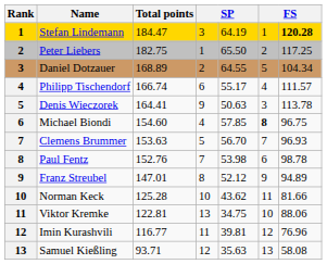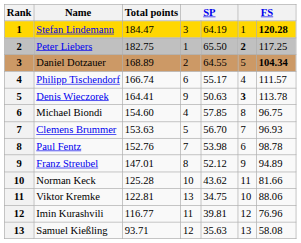 <table class="wikitable sortable">
 <tr>
 <th>Rank</th>
 <th>Name</th>
 <th>Total points</th>
 <th colspan="2" width="80px"><a href='#'>SP</a></th>
 <th colspan="2" width="80px"><a href='#'>FS</a></th>
 </tr>
 <tr bgcolor="gold">
 <td align="center"><strong>1</strong></td>
 <td><a href='#'>Stefan Lindemann</a></td>
 <td>184.47</td>
 <td>3</td>
 <td>64.19</td>
 <td>1</td>
 <td><strong>120.28</strong></td>
 </tr>
 <tr bgcolor="silver">
 <td align="center"><strong>2</strong></td>
 <td><a href='#'>Peter Liebers</a></td>
 <td>182.75</td>
 <td>1</td>
 <td>65.50</td>
-<td>2</td>
+<td><strong>2</strong></td>
 <td>117.25</td>
 </tr>
 <tr bgcolor="cc9966">
 <td align="center"><strong>3</strong></td>
 <td>Daniel Dotzauer</td>
 <td>168.89</td>
 <td>2</td>
 <td>64.55</td>
 <td>5</td>
-<td>104.34</td>
+<td><strong>104.34</strong></td>
 </tr>
 <tr>
 <th>4</th>
 <td><a href='#'>Philipp Tischendorf</a></td>
 <td>166.74</td>
 <td>6</td>
 <td>55.17</td>
 <td>4</td>
 <td>111.57</td>
 </tr>
 <tr>
 <th>5</th>
 <td><a href='#'>Denis Wieczorek</a></td>
 <td>164.41</td>
 <td>9</td>
 <td>50.63</td>
-<td>3</td>
+<td><strong>3</strong></td>
 <td>113.78</td>
 </tr>
 <tr>
 <th>6</th>
 <td>Michael Biondi</td>
 <td>154.60</td>
 <td>4</td>
 <td>57.85</td>
-<td><strong>8</strong></td>
+<td>8</td>
 <td>96.75</td>
 </tr>
 <tr>
 <th>7</th>
 <td><a href='#'>Clemens Brummer</a></td>
 <td>153.63</td>
 <td>5</td>
 <td>56.70</td>
 <td>7</td>
 <td>96.93</td>
 </tr>
 <tr>
 <th>8</th>
 <td><a href='#'>Paul Fentz</a></td>
 <td>152.76</td>
 <td>7</td>
 <td>53.98</td>
 <td>6</td>
 <td>98.78</td>
 </tr>
 <tr>
 <th>9</th>
 <td><a href='#'>Franz Streubel</a></td>
 <td>147.01</td>
 <td>8</td>
 <td>52.12</td>
 <td>9</td>
 <td>94.89</td>
 </tr>
 <tr>
 <th>10</th>
 <td>Norman Keck</td>
 <td>125.28</td>
 <td>10</td>
 <td>43.62</td>
 <td>11</td>
 <td>81.66</td>
 </tr>
 <tr>
 <th>11</th>
 <td>Viktor Kremke</td>
 <td>122.81</td>
 <td>13</td>
 <td>34.75</td>
 <td>10</td>
 <td>88.06</td>
 </tr>
 <tr>
 <th>12</th>
 <td>Imin Kurashvili</td>
 <td>116.77</td>
 <td>11</td>
 <td>39.81</td>
 <td>12</td>
 <td>76.96</td>
 </tr>
 <tr>
 <th>13</th>
 <td>Samuel Kießling</td>
 <td>93.71</td>
 <td>12</td>
 <td>35.63</td>
 <td>13</td>
 <td>58.08</td>
 </tr>
 </table>
